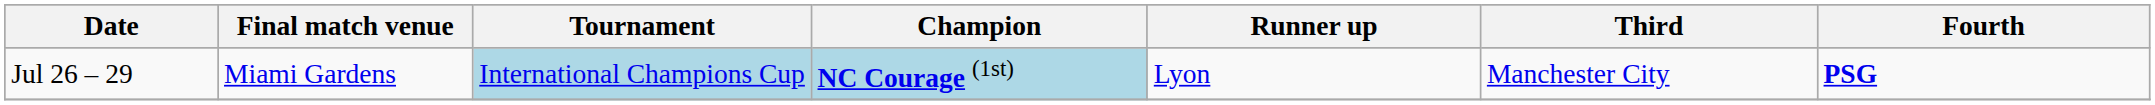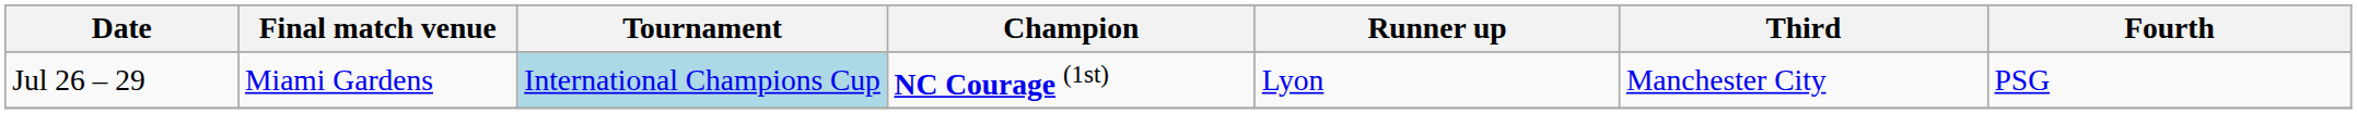 <table class="wikitable">
 <tr>
 <th width=125px>Date</th>
 <th width=150px>Final match venue</th>
 <th width=200px>Tournament</th>
 <th width=200px>Champion</th>
 <th width=200px>Runner up</th>
 <th width=200px>Third</th>
 <th width=200px>Fourth</th>
 </tr>
 <tr>
 <td>Jul 26 – 29</td>
 <td> <a href='#'>Miami Gardens</a></td>
 <td bgcolor=lightblue><a href='#'>International Champions Cup</a></td>
-<td style="background: lightblue;"> <strong><a href='#'>NC Courage</a></strong> <sup>(1st)</sup></td>
+<td> <strong><a href='#'>NC Courage</a></strong> <sup>(1st)</sup></td>
 <td> <a href='#'>Lyon</a></td>
 <td> <a href='#'>Manchester City</a></td>
-<td><strong> <a href='#'>PSG</a></strong></td>
+<td> <a href='#'>PSG</a></td>
 </tr>
 <tr>
 </tr>
 </table>
